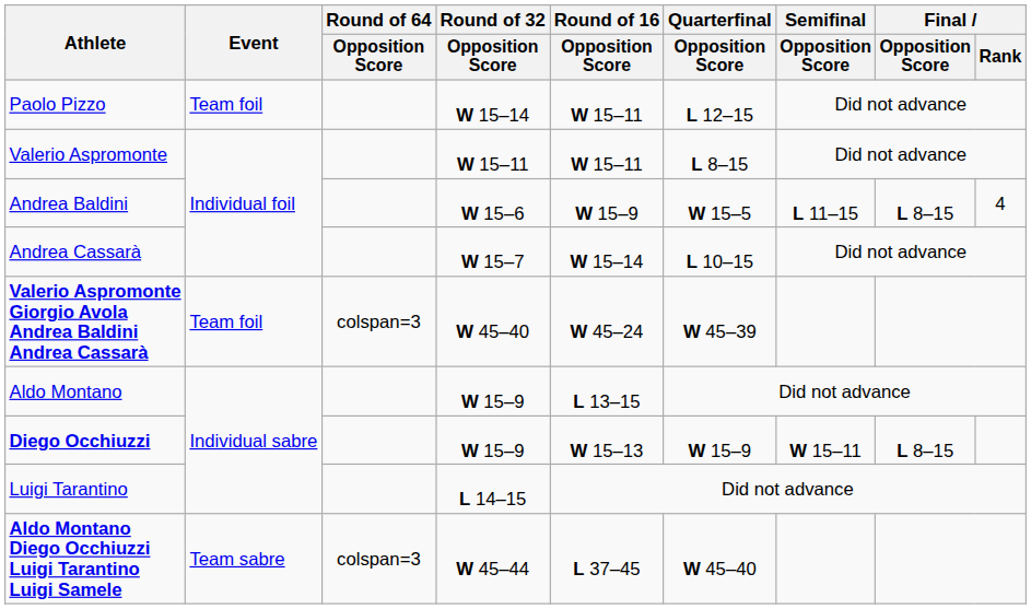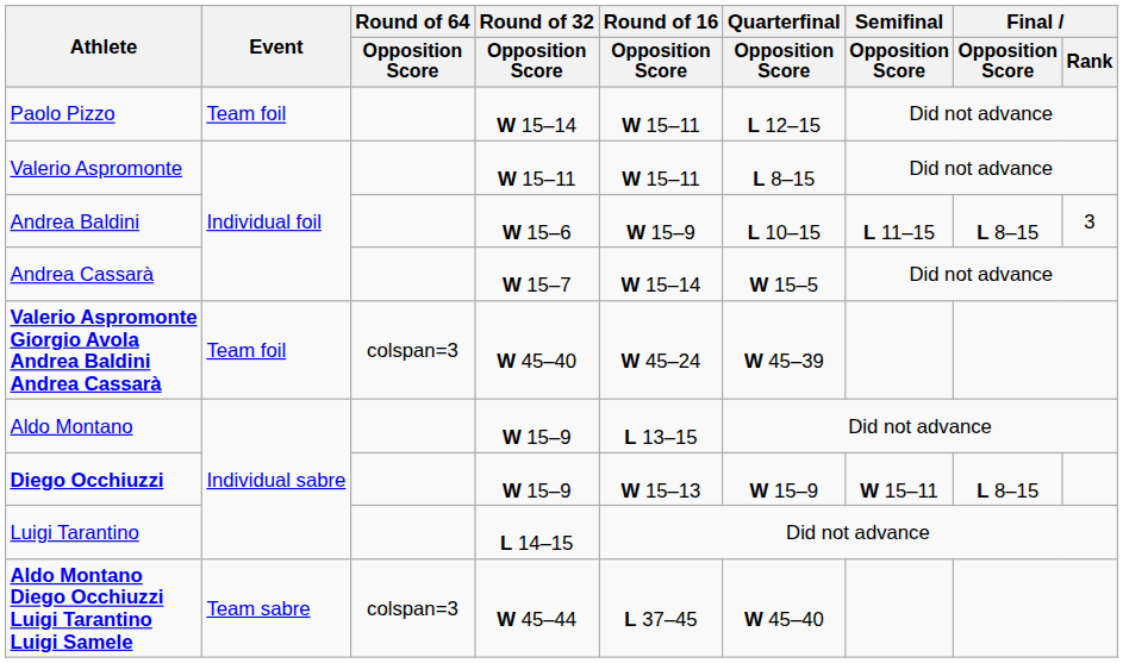 <table class="wikitable" style="font-size:90%">
 <tr>
 <th rowspan="2">Athlete</th>
 <th rowspan="2">Event</th>
 <th>Round of 64</th>
 <th>Round of 32</th>
 <th>Round of 16</th>
 <th>Quarterfinal</th>
 <th>Semifinal</th>
 <th colspan=2>Final / </th>
 </tr>
 <tr style="font-size:95%">
 <th>Opposition <br> Score</th>
 <th>Opposition <br> Score</th>
 <th>Opposition <br> Score</th>
 <th>Opposition <br> Score</th>
 <th>Opposition <br> Score</th>
 <th>Opposition <br> Score</th>
 <th>Rank</th>
 </tr>
 <tr align=center>
 <td align=left><a href='#'>Paolo Pizzo</a></td>
 <td align=left><a href='#'>Team foil</a></td>
 <td></td>
 <td><br><strong>W</strong> 15–14</td>
 <td><br><strong>W</strong> 15–11</td>
 <td><br><strong>L</strong> 12–15</td>
 <td colspan=3>Did not advance</td>
 </tr>
 <tr align=center>
 <td align=left><a href='#'>Valerio Aspromonte</a></td>
 <td align=left rowspan=3><a href='#'>Individual foil</a></td>
 <td></td>
 <td><br><strong>W</strong> 15–11</td>
 <td><br><strong>W</strong> 15–11</td>
 <td><br><strong>L</strong> 8–15</td>
 <td colspan=3>Did not advance</td>
 </tr>
 <tr align=center>
 <td align=left><a href='#'>Andrea Baldini</a></td>
 <td></td>
 <td><br><strong>W</strong> 15–6</td>
 <td><br><strong>W</strong> 15–9</td>
-<td><br><strong>W</strong> 15–5</td>
+<td><br><strong>L</strong> 10–15</td>
 <td><br><strong>L</strong> 11–15</td>
 <td><br><strong>L</strong> 8–15</td>
-<td>4</td>
+<td>3</td>
 </tr>
 <tr align=center>
 <td align=left><a href='#'>Andrea Cassarà</a></td>
 <td></td>
 <td><br><strong>W</strong> 15–7</td>
 <td><br><strong>W</strong> 15–14</td>
-<td><br><strong>L</strong> 10–15</td>
+<td><br><strong>W</strong> 15–5</td>
 <td colspan=3>Did not advance</td>
 </tr>
 <tr align=center>
 <td align=left><strong><a href='#'>Valerio Aspromonte</a><br><a href='#'>Giorgio Avola</a><br><a href='#'>Andrea Baldini</a><br><a href='#'>Andrea Cassarà</a></strong></td>
 <td align=left><a href='#'>Team foil</a></td>
 <td>colspan=3 </td>
 <td><br><strong>W</strong> 45–40</td>
 <td><br><strong>W</strong> 45–24</td>
 <td><br><strong>W</strong> 45–39</td>
 <td></td>
 </tr>
 <tr align=center>
 <td align=left><a href='#'>Aldo Montano</a></td>
 <td align=left rowspan=3><a href='#'>Individual sabre</a></td>
 <td></td>
 <td><br><strong>W</strong> 15–9</td>
 <td><br><strong>L</strong> 13–15</td>
 <td colspan=4>Did not advance</td>
 </tr>
 <tr align=center>
 <td align=left><strong><a href='#'>Diego Occhiuzzi</a></strong></td>
 <td></td>
 <td><br><strong>W</strong> 15–9</td>
 <td><br><strong>W</strong> 15–13</td>
 <td><br><strong>W</strong> 15–9</td>
 <td><br><strong>W</strong> 15–11</td>
 <td><br><strong>L</strong> 8–15</td>
 <td></td>
 </tr>
 <tr align=center>
 <td align=left><a href='#'>Luigi Tarantino</a></td>
 <td></td>
 <td><br><strong>L</strong> 14–15</td>
 <td colspan=5>Did not advance</td>
 </tr>
 <tr align=center>
 <td align=left><strong><a href='#'>Aldo Montano</a><br><a href='#'>Diego Occhiuzzi</a><br><a href='#'>Luigi Tarantino</a><br><a href='#'>Luigi Samele</a></strong></td>
 <td align=left><a href='#'>Team sabre</a></td>
 <td>colspan=3 </td>
 <td><br><strong>W</strong> 45–44</td>
 <td><br><strong>L</strong> 37–45</td>
 <td><br><strong>W</strong> 45–40</td>
 <td></td>
 </tr>
 </table>
